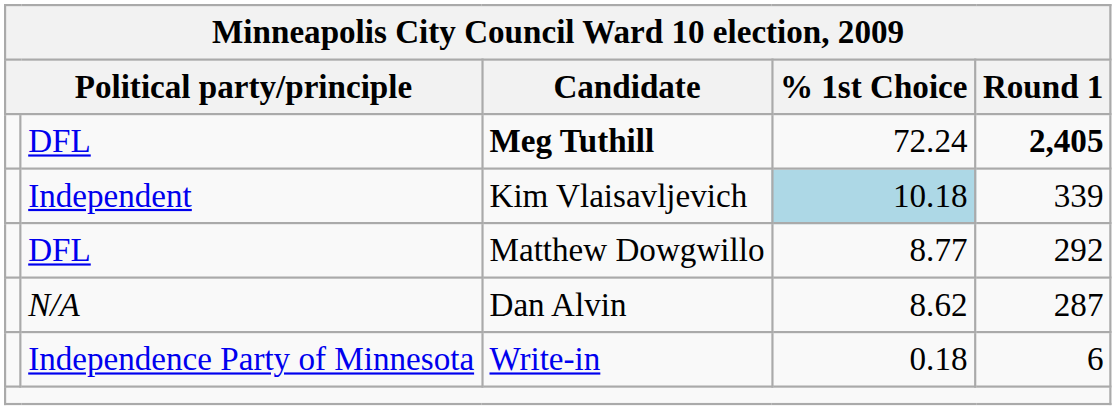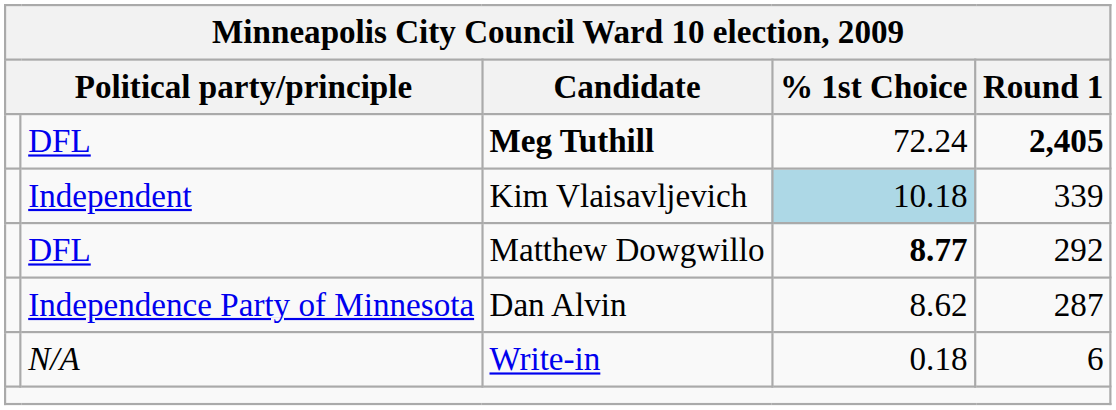 <table class="wikitable" style="font-size:95%">
 <tr>
 <th colspan="5">Minneapolis City Council Ward 10 election, 2009</th>
 </tr>
 <tr>
 <th colspan="2">Political party/principle</th>
 <th>Candidate</th>
 <th>% 1st Choice</th>
 <th>Round 1</th>
 </tr>
 <tr>
 <td style="background-color:"></td>
 <td><a href='#'>DFL</a></td>
 <td><strong>Meg Tuthill</strong></td>
 <td align="right">72.24</td>
 <td align="right"><strong>2,405</strong></td>
 </tr>
 <tr>
 <td style="background-color:"></td>
 <td><a href='#'>Independent</a></td>
 <td>Kim Vlaisavljevich</td>
 <td align="right" style="background: lightblue;">10.18</td>
 <td align="right">339</td>
 </tr>
 <tr>
 <td style="background-color:"></td>
 <td><a href='#'>DFL</a></td>
 <td>Matthew Dowgwillo</td>
-<td align="right">8.77</td>
+<td align="right"><strong>8.77</strong></td>
 <td align="right">292</td>
 </tr>
 <tr>
 <td style="background-color:"></td>
-<td><em>N/A</em></td>
+<td><a href='#'>Independence Party of Minnesota</a></td>
 <td>Dan Alvin</td>
 <td align="right">8.62</td>
 <td align="right">287</td>
 </tr>
 <tr>
 <td style="background-color:"></td>
-<td><a href='#'>Independence Party of Minnesota</a></td>
+<td><em>N/A</em></td>
 <td><a href='#'>Write-in</a></td>
 <td align="right">0.18</td>
 <td align="right">6</td>
 </tr>
 <tr>
 <td colspan="5"></td>
 </tr>
 </table>
